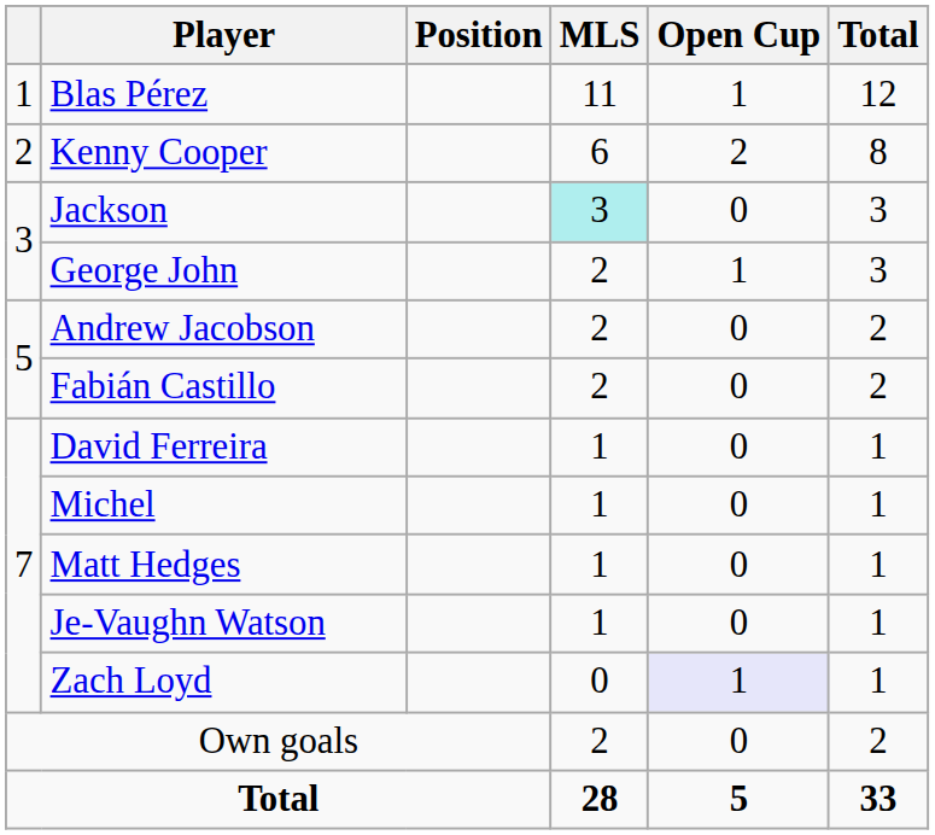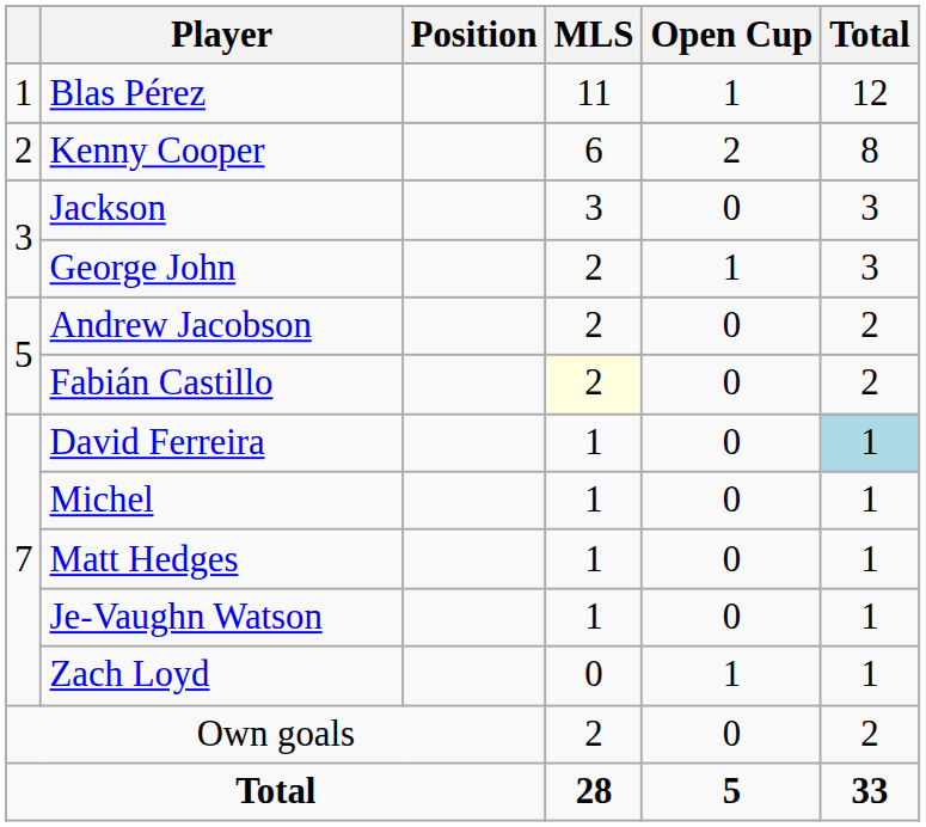 <table class="wikitable">
 <tr>
 <th></th>
 <th style="width:150px;">Player</th>
 <th>Position</th>
 <th>MLS</th>
 <th>Open Cup</th>
 <th>Total</th>
 </tr>
 <tr>
 <td align=center rowspan=1>1</td>
 <td> <a href='#'>Blas Pérez</a></td>
 <td align=center></td>
 <td align=center>11</td>
 <td align=center>1</td>
 <td align=center>12</td>
 </tr>
 <tr>
 <td align=center rowspan=1>2</td>
 <td> <a href='#'>Kenny Cooper</a></td>
 <td align=center></td>
 <td align=center>6</td>
 <td align=center>2</td>
 <td align=center>8</td>
 </tr>
 <tr>
 <td align=center rowspan=2>3</td>
 <td> <a href='#'>Jackson</a></td>
 <td align=center></td>
-<td align=center style="background: paleturquoise;">3</td>
+<td align=center>3</td>
 <td align=center>0</td>
 <td align=center>3</td>
 </tr>
 <tr>
 <td> <a href='#'>George John</a></td>
 <td align=center></td>
 <td align=center>2</td>
 <td align=center>1</td>
 <td align=center>3</td>
 </tr>
 <tr>
 <td align=center rowspan=2>5</td>
 <td> <a href='#'>Andrew Jacobson</a></td>
 <td align=center></td>
 <td align=center>2</td>
 <td align=center>0</td>
 <td align=center>2</td>
 </tr>
 <tr>
 <td> <a href='#'>Fabián Castillo</a></td>
 <td align=center></td>
-<td align=center>2</td>
+<td align=center style="background: lightyellow;">2</td>
 <td align=center>0</td>
 <td align=center>2</td>
 </tr>
 <tr>
 <td align=center rowspan=5>7</td>
 <td> <a href='#'>David Ferreira</a></td>
 <td align=center></td>
 <td align=center>1</td>
 <td align=center>0</td>
-<td align=center>1</td>
+<td align=center style="background: lightblue;">1</td>
 </tr>
 <tr>
 <td> <a href='#'>Michel</a></td>
 <td align=center></td>
 <td align=center>1</td>
 <td align=center>0</td>
 <td align=center>1</td>
 </tr>
 <tr>
 <td> <a href='#'>Matt Hedges</a></td>
 <td align=center></td>
 <td align=center>1</td>
 <td align=center>0</td>
 <td align=center>1</td>
 </tr>
 <tr>
 <td> <a href='#'>Je-Vaughn Watson</a></td>
 <td align=center></td>
 <td align=center>1</td>
 <td align=center>0</td>
 <td align=center>1</td>
 </tr>
 <tr>
 <td> <a href='#'>Zach Loyd</a></td>
 <td align=center></td>
 <td align=center>0</td>
-<td align=center style="background: lavender;">1</td>
+<td align=center>1</td>
 <td align=center>1</td>
 </tr>
 <tr>
 <td align=center colspan=3>Own goals</td>
 <td align=center>2</td>
 <td align=center>0</td>
 <td align=center>2</td>
 </tr>
 <tr>
 <td align=center colspan=3><strong>Total</strong></td>
 <td align=center><strong>28</strong></td>
 <td align=center><strong>5</strong></td>
 <td align=center><strong>33</strong></td>
 </tr>
 </table>
